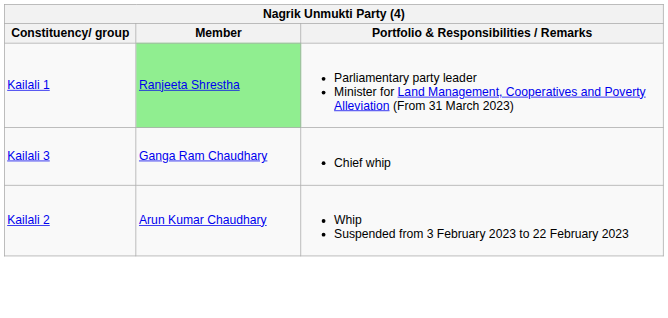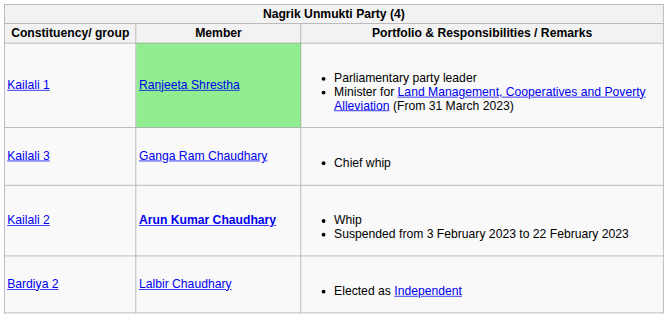 <table class="wikitable sortable">
 <tr>
 <th colspan="3" style="width: 800pt; background:">Nagrik Unmukti Party (4)</th>
 </tr>
 <tr>
 <th style="width:20%;">Constituency/ group</th>
 <th style="width:25%;">Member</th>
 <th>Portfolio & Responsibilities / Remarks</th>
 </tr>
 <tr>
 <td><a href='#'>Kailali 1</a></td>
 <td style="background: lightgreen;"><a href='#'>Ranjeeta Shrestha</a></td>
 <td><br><ul><li>Parliamentary party leader</li><li>Minister for <a href='#'>Land Management, Cooperatives and Poverty Alleviation</a> (From 31 March 2023)</li></ul></td>
 </tr>
 <tr>
 <td><a href='#'>Kailali 3</a></td>
 <td><a href='#'>Ganga Ram Chaudhary</a></td>
 <td><br><ul><li>Chief whip</li></ul></td>
 </tr>
 <tr>
 <td><a href='#'>Kailali 2</a></td>
-<td><a href='#'>Arun Kumar Chaudhary</a></td>
+<td><strong><a href='#'>Arun Kumar Chaudhary</a></strong></td>
 <td><br><ul><li>Whip</li><li>Suspended from 3 February 2023 to 22 February 2023</li></ul></td>
 </tr>
+<tr>
+<td><a href='#'>Bardiya 2</a></td>
+<td><a href='#'>Lalbir Chaudhary</a></td>
+<td><br><ul><li>Elected as <a href='#'>Independent</a></li></ul></td>
+</tr>
 </table>
